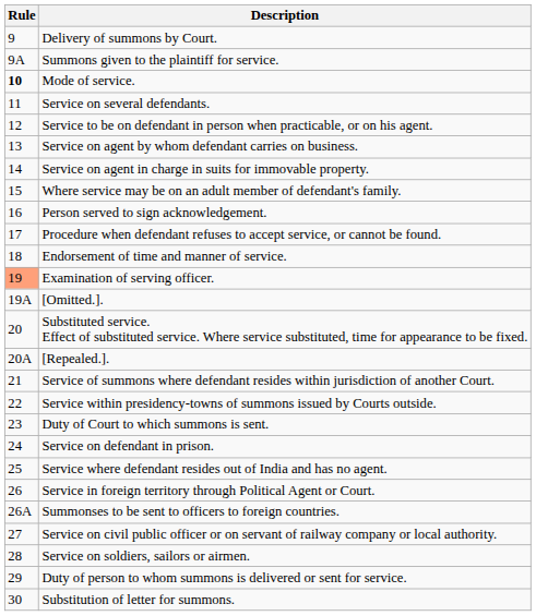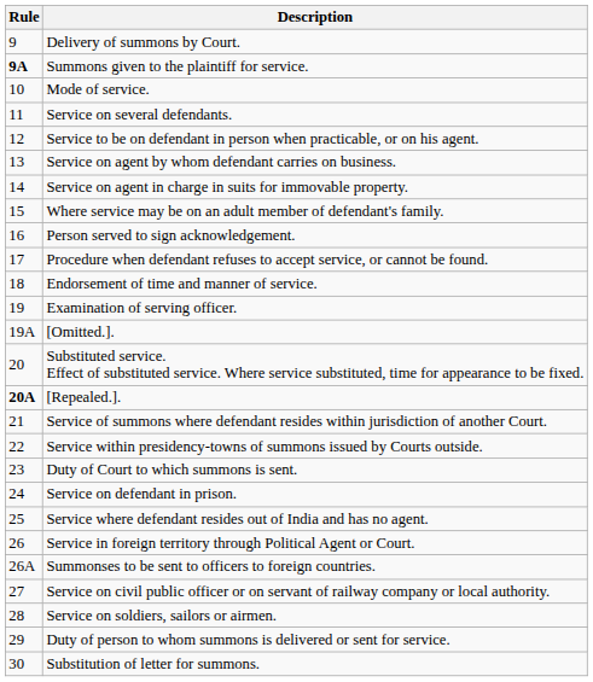 <table class="wikitable">
 <tr>
 <th>Rule</th>
 <th>Description</th>
 </tr>
 <tr>
 <td>9</td>
 <td>Delivery of summons by Court.</td>
 </tr>
 <tr>
-<td>9A</td>
+<td><strong>9A</strong></td>
 <td>Summons given to the plaintiff for service.</td>
 </tr>
 <tr>
-<td><strong>10</strong></td>
+<td>10</td>
 <td>Mode of service.</td>
 </tr>
 <tr>
 <td>11</td>
 <td>Service on several defendants.</td>
 </tr>
 <tr>
 <td>12</td>
 <td>Service to be on defendant in person when practicable, or on his agent.</td>
 </tr>
 <tr>
 <td>13</td>
 <td>Service on agent by whom defendant carries on business.</td>
 </tr>
 <tr>
 <td>14</td>
 <td>Service on agent in charge in suits for immovable property.</td>
 </tr>
 <tr>
 <td>15</td>
 <td>Where service may be on an adult member of defendant's family.</td>
 </tr>
 <tr>
 <td>16</td>
 <td>Person served to sign acknowledgement.</td>
 </tr>
 <tr>
 <td>17</td>
 <td>Procedure when defendant refuses to accept service, or cannot be found.</td>
 </tr>
 <tr>
 <td>18</td>
 <td>Endorsement of time and manner of service.</td>
 </tr>
 <tr>
-<td style="background: lightsalmon;">19</td>
+<td>19</td>
 <td>Examination of serving officer.</td>
 </tr>
 <tr>
 <td>19A</td>
 <td>[Omitted.].</td>
 </tr>
 <tr>
 <td>20</td>
 <td>Substituted service.<br>Effect of substituted service. Where service substituted, time for appearance to be fixed.</td>
 </tr>
 <tr>
-<td>20A</td>
+<td><strong>20A</strong></td>
 <td>[Repealed.].</td>
 </tr>
 <tr>
 <td>21</td>
 <td>Service of summons where defendant resides within jurisdiction of another Court.</td>
 </tr>
 <tr>
 <td>22</td>
 <td>Service within presidency-towns of summons issued by Courts outside.</td>
 </tr>
 <tr>
 <td>23</td>
 <td>Duty of Court to which summons is sent.</td>
 </tr>
 <tr>
 <td>24</td>
 <td>Service on defendant in prison.</td>
 </tr>
 <tr>
 <td>25</td>
 <td>Service where defendant resides out of India and has no agent.</td>
 </tr>
 <tr>
 <td>26</td>
 <td>Service in foreign territory through Political Agent or Court.</td>
 </tr>
 <tr>
 <td>26A</td>
 <td>Summonses to be sent to officers to foreign countries.</td>
 </tr>
 <tr>
 <td>27</td>
 <td>Service on civil public officer or on servant of railway company or local authority.</td>
 </tr>
 <tr>
 <td>28</td>
 <td>Service on soldiers, sailors or airmen.</td>
 </tr>
 <tr>
 <td>29</td>
 <td>Duty of person to whom summons is delivered or sent for service.</td>
 </tr>
 <tr>
 <td>30</td>
 <td>Substitution of letter for summons.</td>
 </tr>
 </table>
